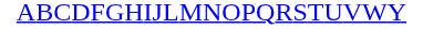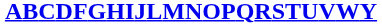 <table id="toc" class="toc" summary="Class" align="center" style="text-align:center;">
 <tr>
 <th></th>
 </tr>
 <tr>
-<td><a href='#'>A</a><a href='#'>B</a><a href='#'>C</a><a href='#'>D</a><a href='#'>F</a><a href='#'>G</a><a href='#'>H</a><a href='#'>I</a><a href='#'>J</a><a href='#'>L</a><a href='#'>M</a><a href='#'>N</a><a href='#'>O</a><a href='#'>P</a><a href='#'>Q</a><a href='#'>R</a><a href='#'>S</a><a href='#'>T</a><a href='#'>U</a><a href='#'>V</a><a href='#'>W</a><a href='#'>Y</a></td>
+<td><strong><a href='#'>A</a><a href='#'>B</a><a href='#'>C</a><a href='#'>D</a><a href='#'>F</a><a href='#'>G</a><a href='#'>H</a><a href='#'>I</a><a href='#'>J</a><a href='#'>L</a><a href='#'>M</a><a href='#'>N</a><a href='#'>O</a><a href='#'>P</a><a href='#'>Q</a><a href='#'>R</a><a href='#'>S</a><a href='#'>T</a><a href='#'>U</a><a href='#'>V</a><a href='#'>W</a><a href='#'>Y</a></strong></td>
 </tr>
 </table>
